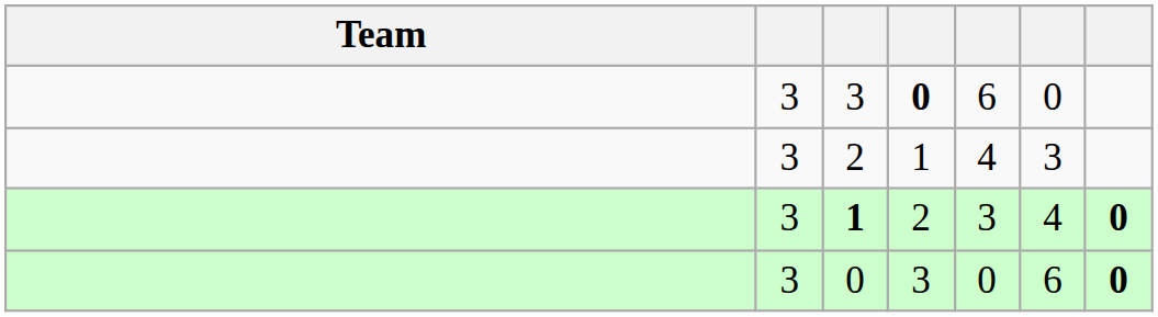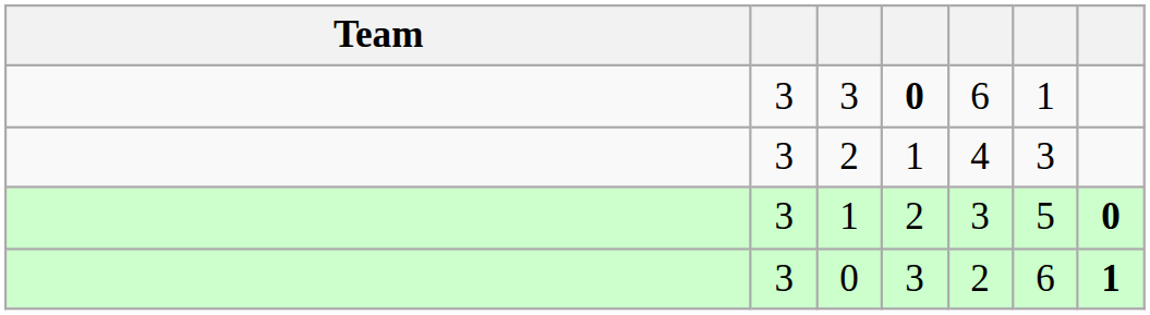 <table class=wikitable style="text-align:center">
 <tr>
 <th width=305>Team</th>
 <th width=20></th>
 <th width=20></th>
 <th width=20></th>
 <th width=20></th>
 <th width=20></th>
 <th width=20></th>
 </tr>
 <tr>
 <td style="text-align:left"></td>
 <td>3</td>
 <td>3</td>
 <td><strong>0</strong></td>
 <td>6</td>
-<td>0</td>
+<td>1</td>
 <td><strong></strong></td>
 </tr>
 <tr>
 <td style="text-align:left"></td>
 <td>3</td>
 <td>2</td>
 <td>1</td>
 <td>4</td>
 <td>3</td>
 <td><strong></strong></td>
 </tr>
 <tr bgcolor=ccffcc>
 <td style="text-align:left"></td>
 <td>3</td>
-<td><strong>1</strong></td>
+<td>1</td>
 <td>2</td>
 <td>3</td>
-<td>4</td>
+<td>5</td>
 <td><strong>0</strong></td>
 </tr>
 <tr bgcolor=ccffcc>
 <td style="text-align:left"></td>
 <td>3</td>
 <td>0</td>
 <td>3</td>
-<td>0</td>
+<td>2</td>
 <td>6</td>
-<td><strong>0</strong></td>
+<td><strong>1</strong></td>
 </tr>
 </table>
